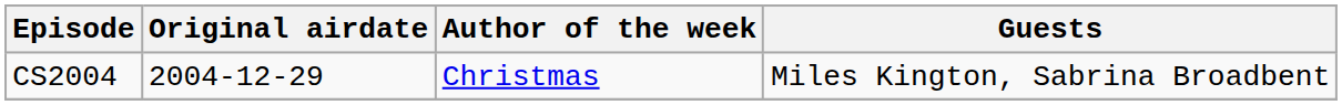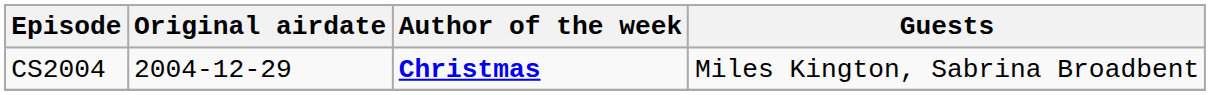 <table class="wikitable">
 <tr>
 <th>Episode</th>
 <th>Original airdate</th>
 <th>Author of the week</th>
 <th>Guests</th>
 </tr>
 <tr>
 <td>CS2004</td>
 <td>2004-12-29</td>
-<td><a href='#'>Christmas</a></td>
+<td><strong><a href='#'>Christmas</a></strong></td>
 <td>Miles Kington, Sabrina Broadbent</td>
 </tr>
 <tr>
 </tr>
 </table>
